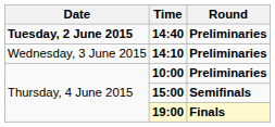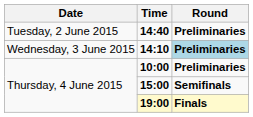 <table class="wikitable">
 <tr>
 <th>Date</th>
 <th>Time</th>
 <th>Round</th>
 </tr>
 <tr>
-<td><strong>Tuesday, 2 June 2015</strong></td>
+<td>Tuesday, 2 June 2015</td>
 <td><strong>14:40</strong></td>
 <td><strong>Preliminaries</strong></td>
 </tr>
 <tr>
 <td>Wednesday, 3 June 2015</td>
 <td><strong>14:10</strong></td>
-<td><strong>Preliminaries</strong></td>
+<td style="background: lightblue;"><strong>Preliminaries</strong></td>
 </tr>
 <tr>
 <td rowspan="3">Thursday, 4 June 2015</td>
 <td><strong>10:00</strong></td>
 <td><strong>Preliminaries</strong></td>
 </tr>
 <tr>
 <td><strong>15:00</strong></td>
 <td><strong>Semifinals</strong></td>
 </tr>
 <tr style="background:lemonchiffon;">
 <td><strong>19:00</strong></td>
 <td><strong>Finals</strong></td>
 </tr>
 </table>
